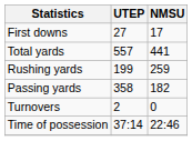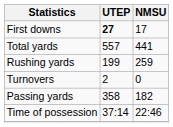 <table class="wikitable">
 <tr>
 <th>Statistics</th>
 <th>UTEP</th>
 <th>NMSU</th>
 </tr>
 <tr>
 <td>First downs</td>
-<td>27</td>
+<td><strong>27</strong></td>
 <td>17</td>
 </tr>
 <tr>
 <td>Total yards</td>
 <td>557</td>
 <td>441</td>
 </tr>
 <tr>
 <td>Rushing yards</td>
 <td>199</td>
 <td>259</td>
 </tr>
 <tr>
+<td>Turnovers</td>
+<td>2</td>
+<td>0</td>
+</tr>
+<tr>
 <td>Passing yards</td>
 <td>358</td>
 <td>182</td>
-</tr>
-<tr>
-<td>Turnovers</td>
-<td>2</td>
-<td>0</td>
 </tr>
 <tr>
 <td>Time of possession</td>
 <td>37:14</td>
 <td>22:46</td>
 </tr>
 <tr>
 </tr>
 </table>
